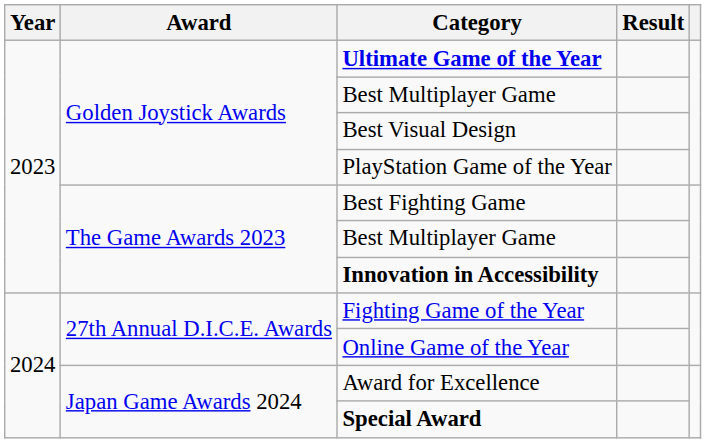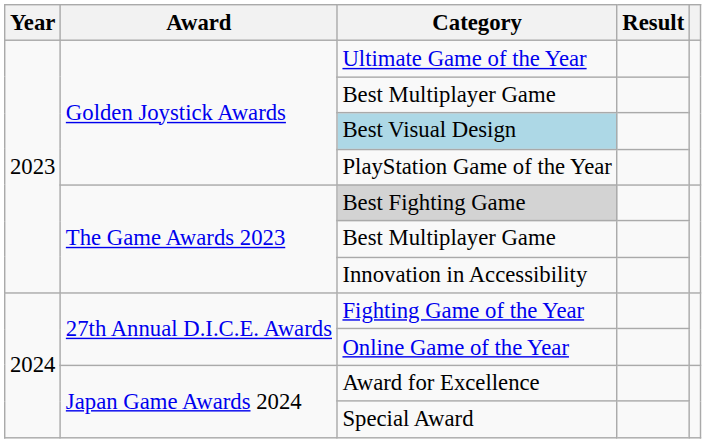 <table class="wikitable sortable">
 <tr>
 <th>Year</th>
 <th>Award</th>
 <th>Category</th>
 <th>Result</th>
 <th></th>
 </tr>
 <tr>
 <td style="text-align:center;" rowspan="7">2023</td>
 <td rowspan="4"><a href='#'>Golden Joystick Awards</a></td>
-<td><strong><a href='#'>Ultimate Game of the Year</a></strong></td>
+<td><a href='#'>Ultimate Game of the Year</a></td>
 <td></td>
 <td style="text-align:center;" rowspan="4"></td>
 </tr>
 <tr>
 <td>Best Multiplayer Game</td>
 <td></td>
 </tr>
 <tr>
-<td>Best Visual Design</td>
+<td style="background: lightblue;">Best Visual Design</td>
 <td></td>
 </tr>
 <tr>
 <td>PlayStation Game of the Year</td>
 <td></td>
 </tr>
 <tr>
 <td rowspan="3"><a href='#'>The Game Awards 2023</a></td>
-<td>Best Fighting Game</td>
+<td style="background: lightgrey;">Best Fighting Game</td>
 <td></td>
 <td style="text-align:center;" rowspan="3"></td>
 </tr>
 <tr>
 <td>Best Multiplayer Game</td>
 <td></td>
 </tr>
 <tr>
-<td><strong>Innovation in Accessibility</strong></td>
+<td>Innovation in Accessibility</td>
 <td></td>
 </tr>
 <tr>
 <td style="text-align:center;" rowspan="4">2024</td>
 <td rowspan="2"><a href='#'>27th Annual D.I.C.E. Awards</a></td>
 <td><a href='#'>Fighting Game of the Year</a></td>
 <td></td>
 <td style="text-align:center;" rowspan="2"></td>
 </tr>
 <tr>
 <td><a href='#'>Online Game of the Year</a></td>
 <td></td>
 </tr>
 <tr>
 <td rowspan="2"><a href='#'>Japan Game Awards</a> 2024</td>
 <td>Award for Excellence</td>
 <td></td>
 <td rowspan="2" style="text-align:center;"></td>
 </tr>
 <tr>
-<td><strong>Special Award</strong></td>
+<td>Special Award</td>
 <td></td>
 </tr>
 </table>
